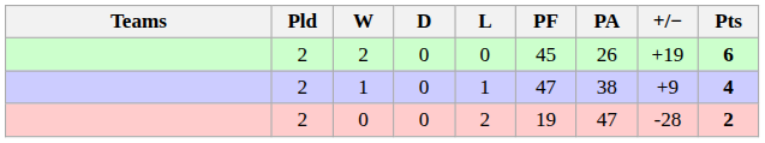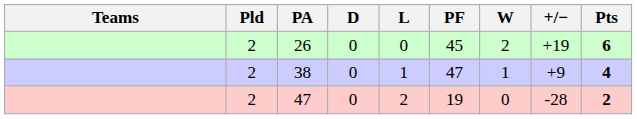 <table class="wikitable" style="text-align: center;">
 <tr>
 <th width="200">Teams</th>
 <th width="40">Pld</th>
-<th width="40">W</th>
+<th width="40">PA</th>
 <th width="40">D</th>
 <th width="40">L</th>
 <th width="40">PF</th>
-<th width="40">PA</th>
+<th width="40">W</th>
 <th width="40">+/−</th>
 <th width="40">Pts</th>
 </tr>
 <tr bgcolor=ccffcc>
 <td align=left></td>
 <td>2</td>
-<td>2</td>
+<td>26</td>
 <td>0</td>
 <td>0</td>
 <td>45</td>
-<td>26</td>
+<td>2</td>
 <td>+19</td>
 <td><strong>6</strong></td>
 </tr>
 <tr bgcolor=ccccff>
 <td align=left></td>
 <td>2</td>
-<td>1</td>
+<td>38</td>
 <td>0</td>
 <td>1</td>
 <td>47</td>
-<td>38</td>
+<td>1</td>
 <td>+9</td>
 <td><strong>4</strong></td>
 </tr>
 <tr bgcolor=ffcccc>
 <td align=left></td>
 <td>2</td>
-<td>0</td>
+<td>47</td>
 <td>0</td>
 <td>2</td>
 <td>19</td>
-<td>47</td>
+<td>0</td>
 <td>-28</td>
 <td><strong>2</strong></td>
 </tr>
 </table>
